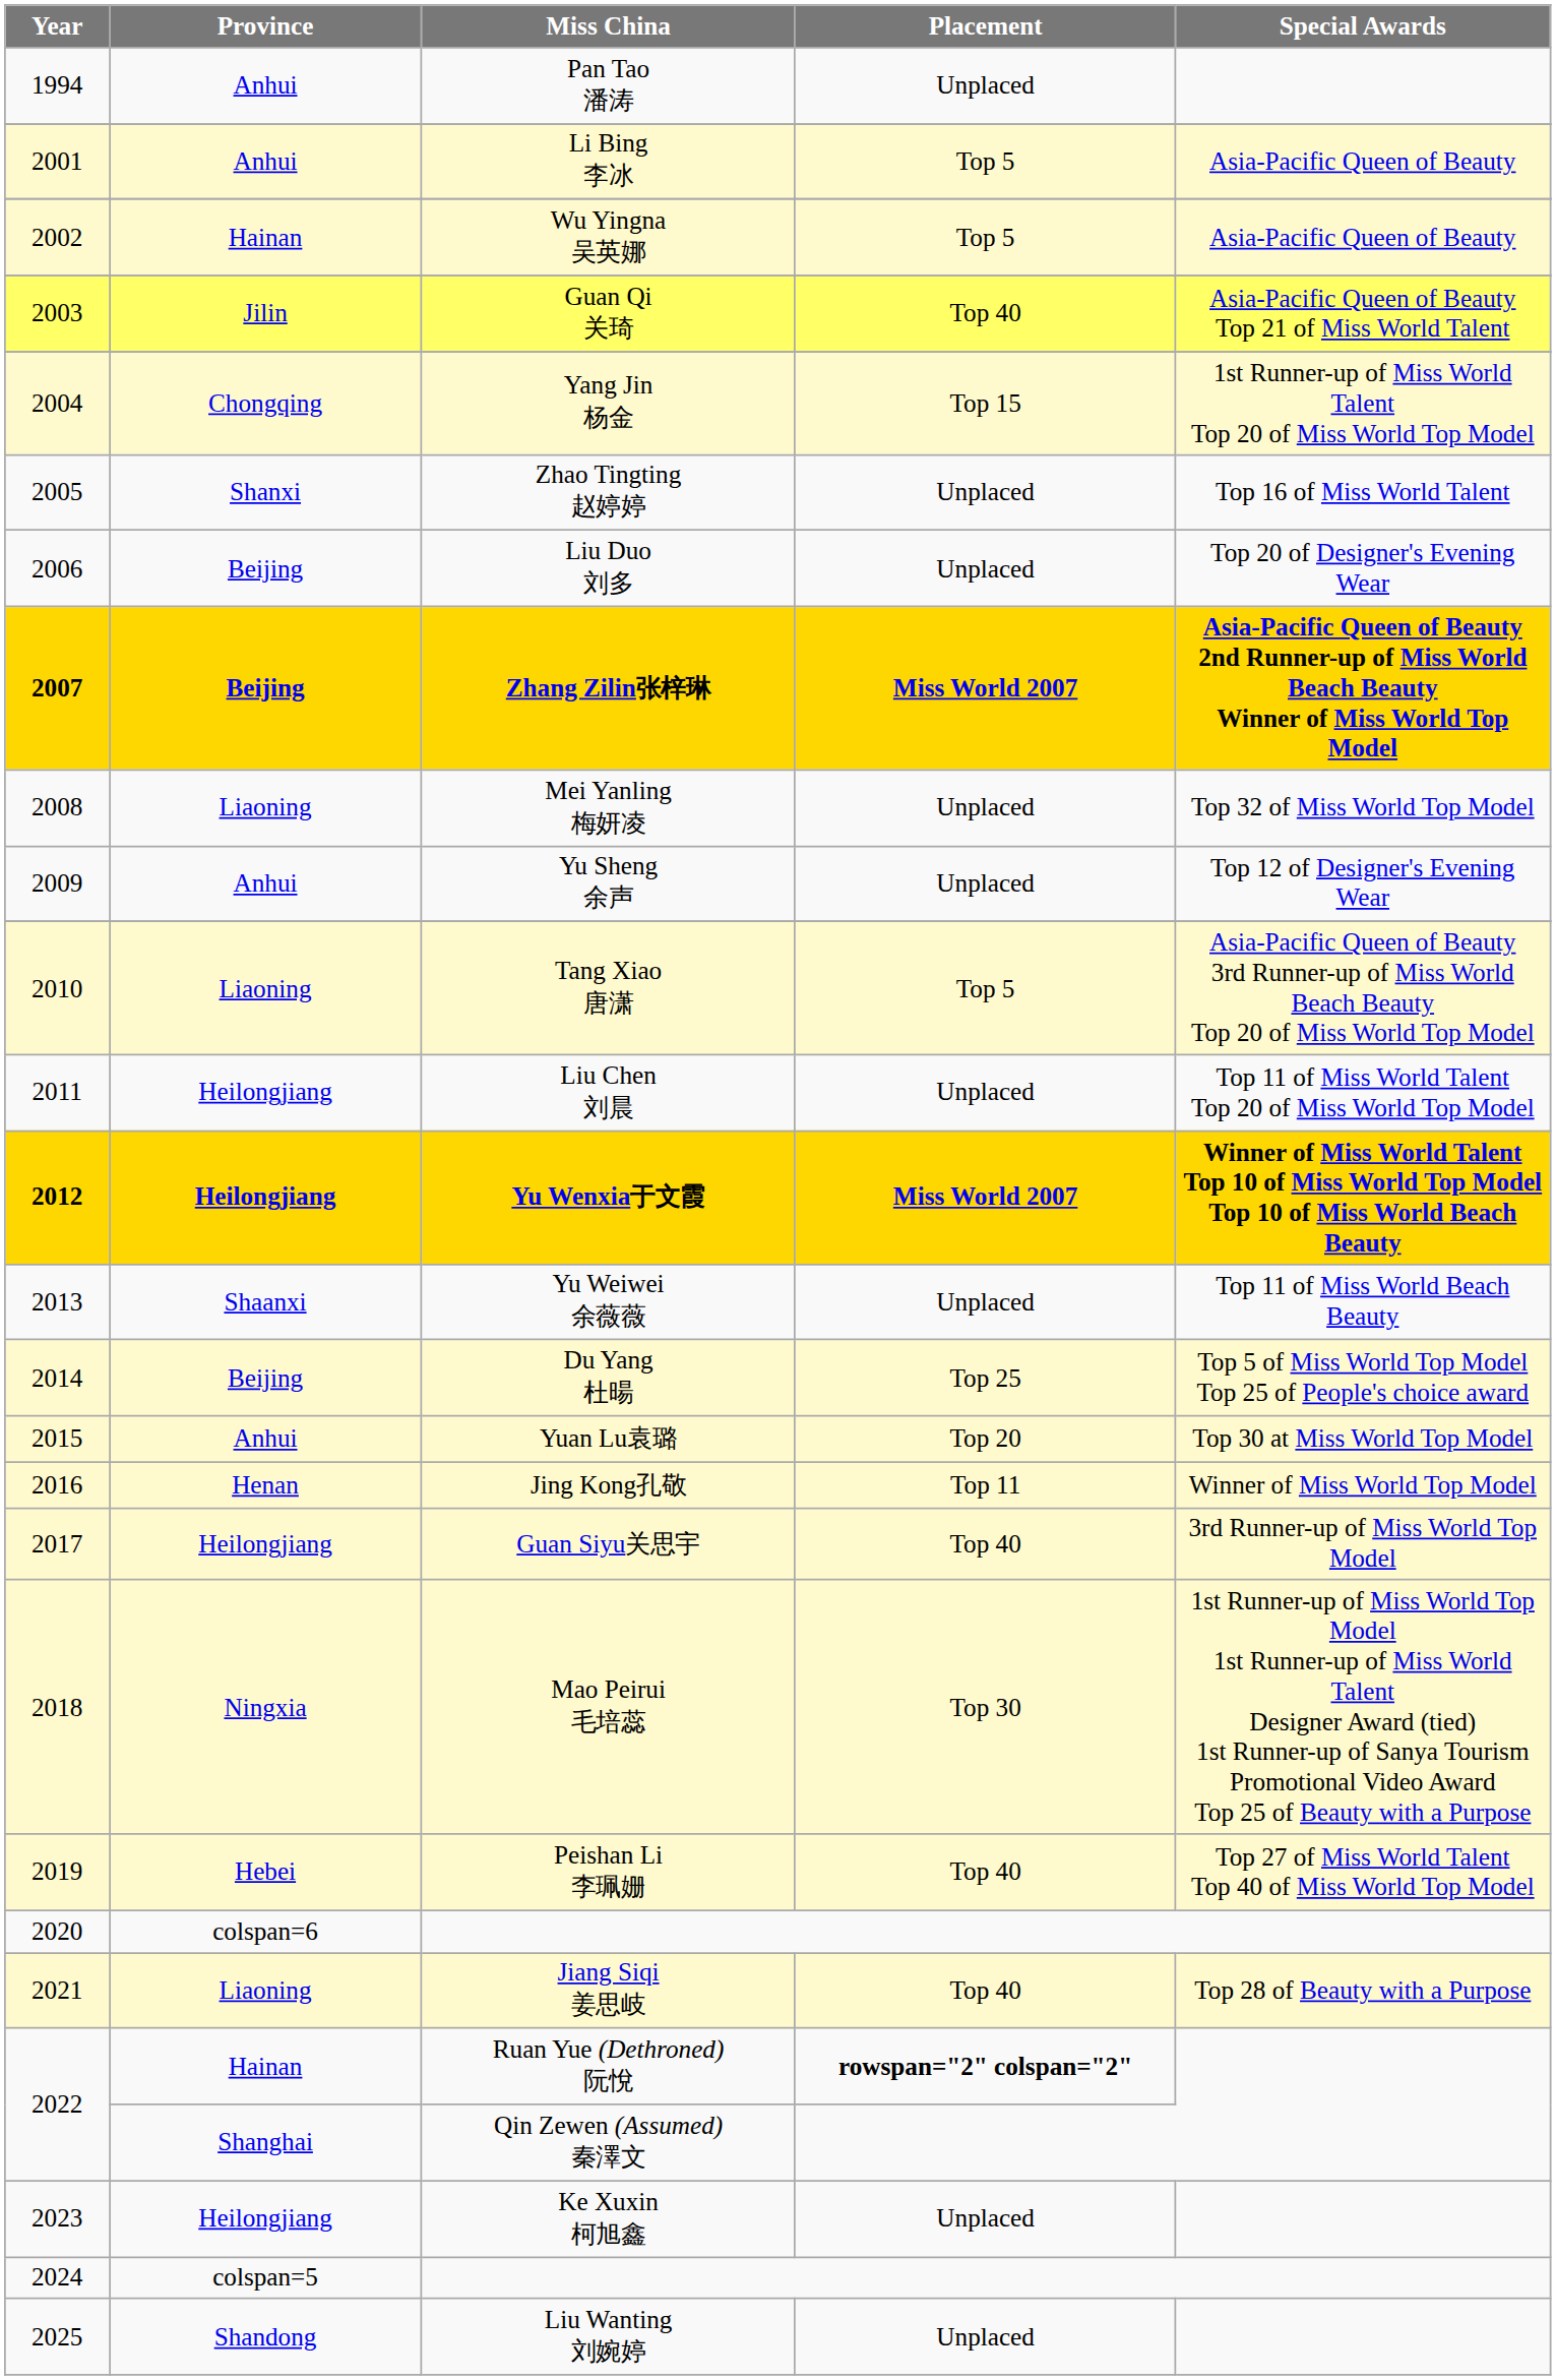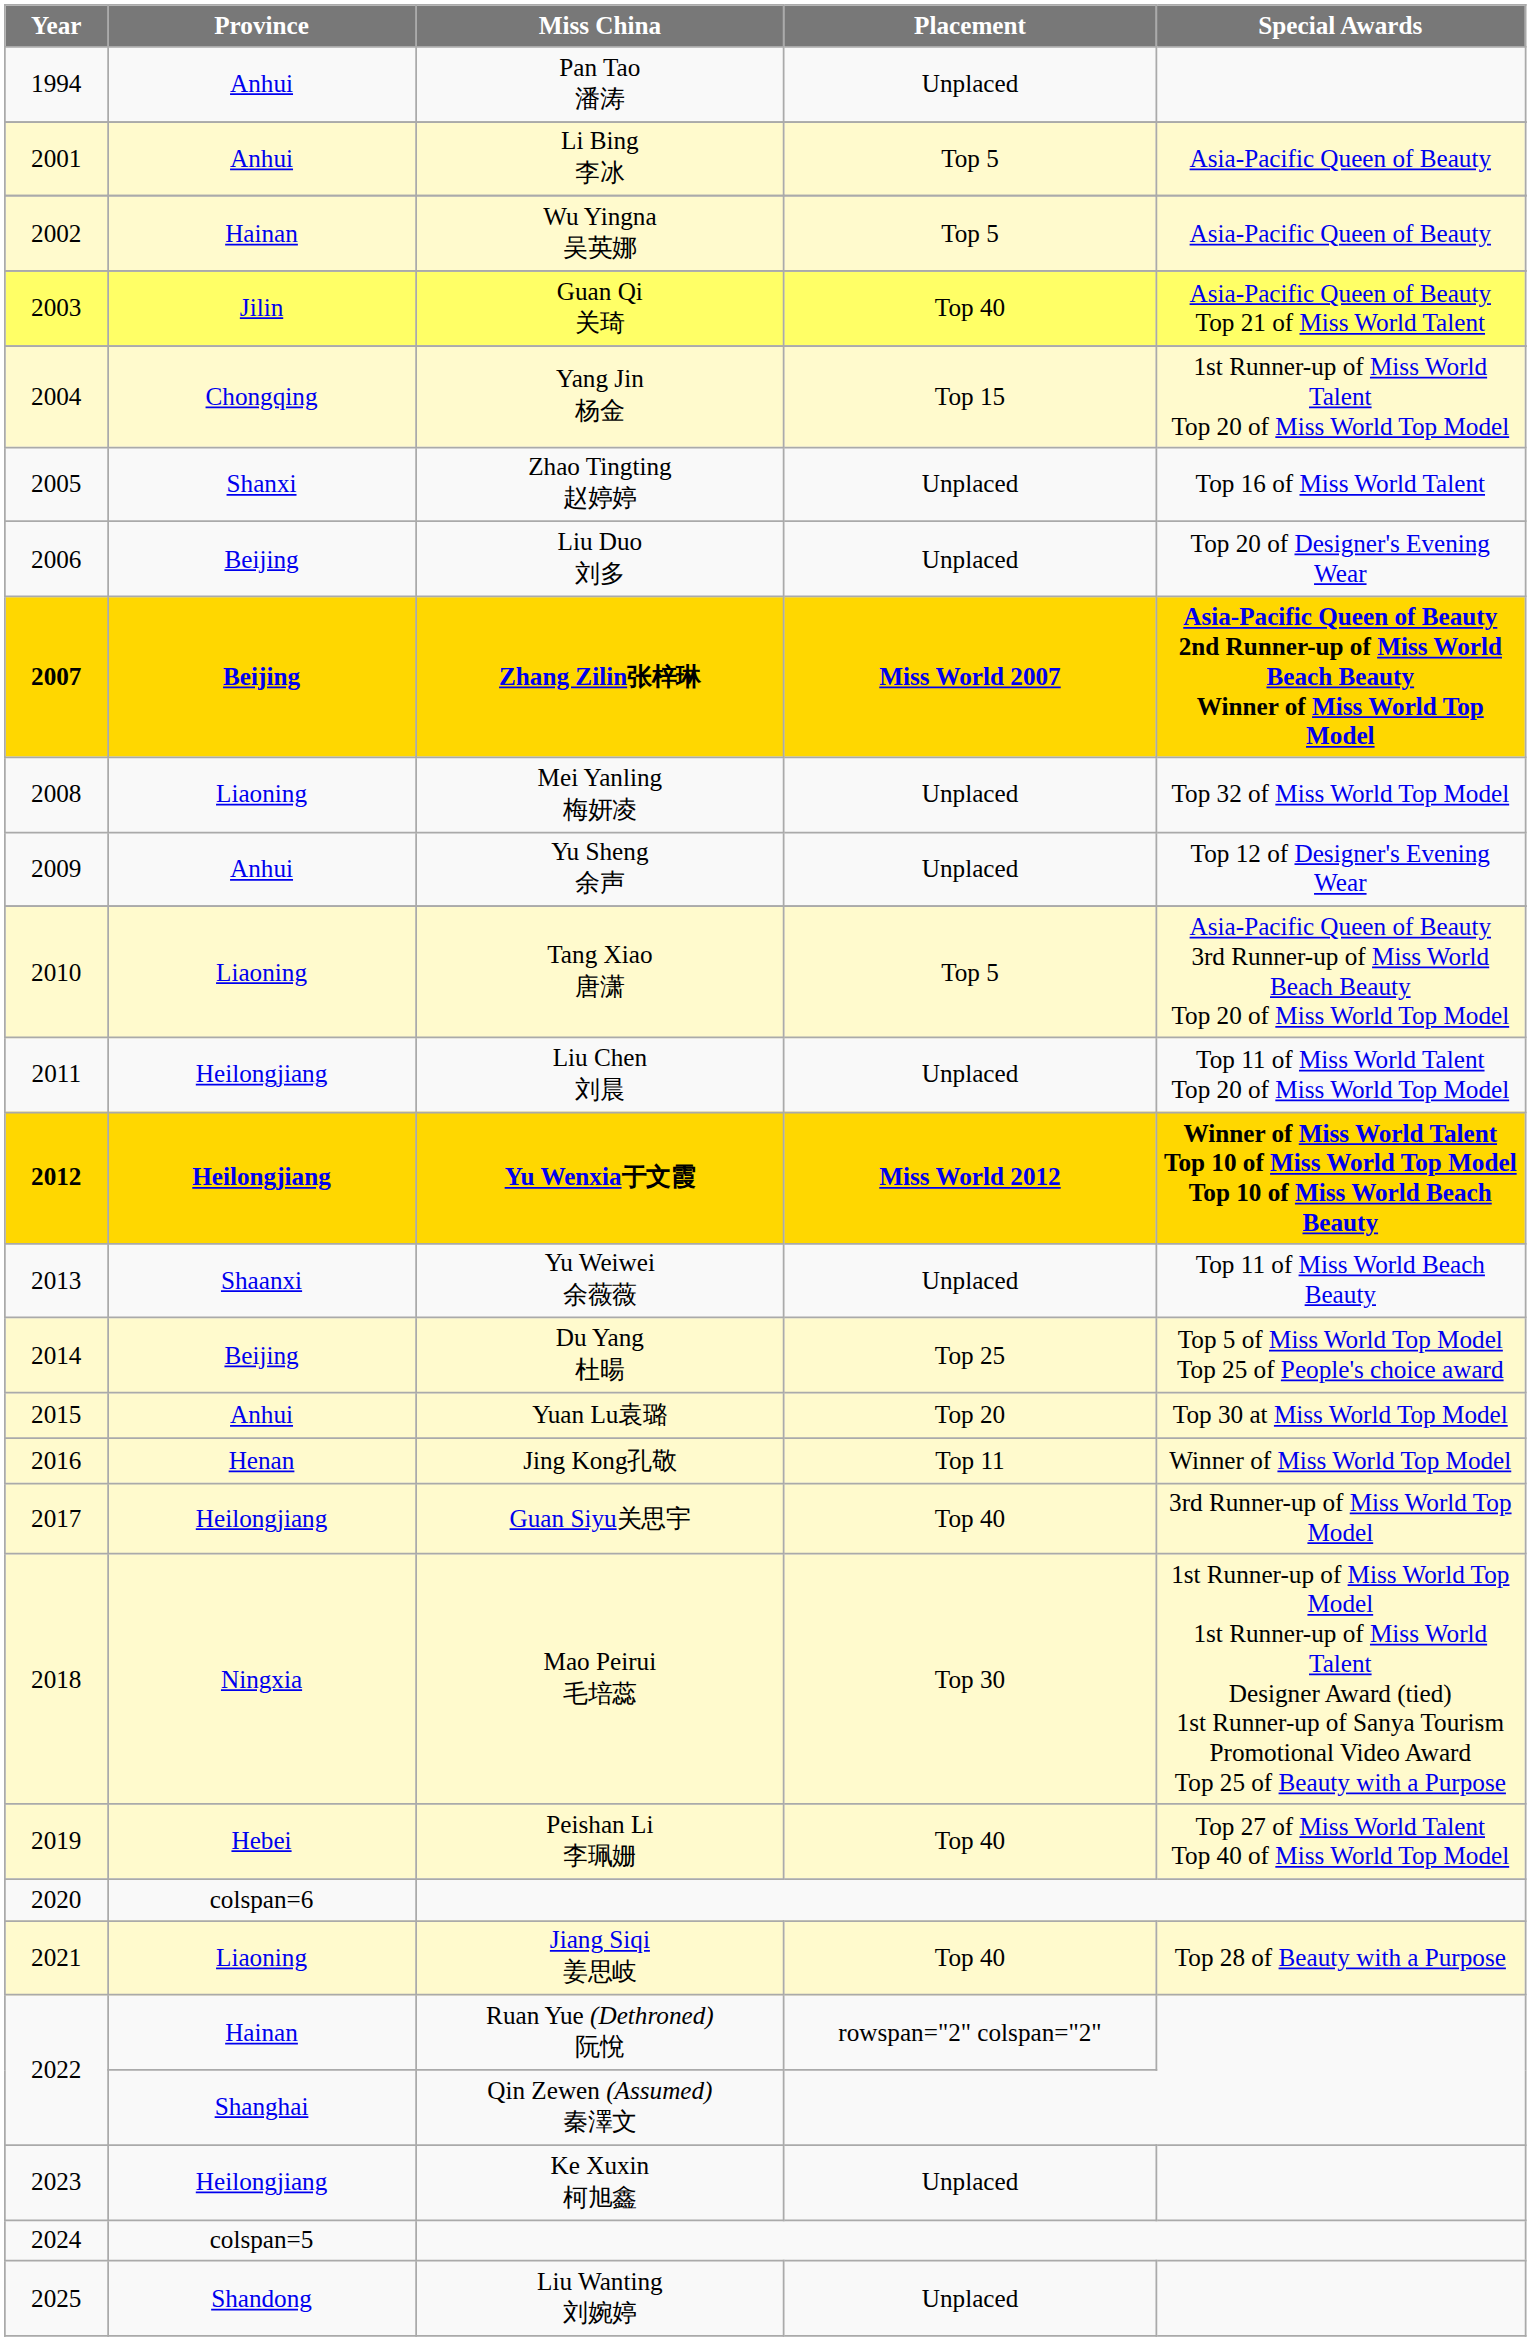 <table class="wikitable sortable" style="font-size: 90%; text-align:center">
 <tr>
 <th width="60" style="background-color:#787878;color:#FFFFFF;">Year</th>
 <th width="200" style="background-color:#787878;color:#FFFFFF;">Province</th>
 <th width="250" style="background-color:#787878;color:#FFFFFF;">Miss China</th>
 <th width="250" style="background-color:#787878;color:#FFFFFF;">Placement</th>
 <th width="250" style="background-color:#787878;color:#FFFFFF;">Special Awards</th>
 </tr>
 <tr>
 <td>1994</td>
 <td><a href='#'>Anhui</a></td>
 <td>Pan Tao<br>潘涛</td>
 <td>Unplaced</td>
 <td></td>
 </tr>
 <tr>
 </tr>
 <tr style="background-color:#FFFACD;">
 <td>2001</td>
 <td><a href='#'>Anhui</a></td>
 <td>Li Bing<br>李冰</td>
 <td>Top 5</td>
 <td><a href='#'>Asia-Pacific Queen of Beauty</a></td>
 </tr>
 <tr>
 </tr>
 <tr style="background-color:#FFFACD;">
 <td>2002</td>
 <td><a href='#'>Hainan</a></td>
 <td>Wu Yingna<br>吴英娜</td>
 <td>Top 5</td>
 <td><a href='#'>Asia-Pacific Queen of Beauty</a></td>
 </tr>
 <tr>
 </tr>
 <tr style="background-color:#FFFf66;">
 <td>2003</td>
 <td><a href='#'>Jilin</a></td>
 <td>Guan Qi<br>关琦</td>
 <td>Top 40</td>
 <td><a href='#'>Asia-Pacific Queen of Beauty</a><br> Top 21 of <a href='#'>Miss World Talent</a></td>
 </tr>
 <tr>
 </tr>
 <tr style="background-color:#FFFACD;">
 <td>2004</td>
 <td><a href='#'>Chongqing</a></td>
 <td>Yang Jin<br>杨金</td>
 <td>Top 15</td>
 <td>1st Runner-up of <a href='#'>Miss World Talent</a> <br> Top 20 of <a href='#'>Miss World Top Model</a></td>
 </tr>
 <tr>
 <td>2005</td>
 <td><a href='#'>Shanxi</a></td>
 <td>Zhao Tingting<br>赵婷婷</td>
 <td>Unplaced</td>
 <td>Top 16 of <a href='#'>Miss World Talent</a></td>
 </tr>
 <tr>
 <td>2006</td>
 <td><a href='#'>Beijing</a></td>
 <td>Liu Duo<br>刘多</td>
 <td>Unplaced</td>
 <td>Top 20 of <a href='#'>Designer's Evening Wear</a></td>
 </tr>
 <tr>
 <td bgcolor="gold"><strong>2007</strong></td>
 <td bgcolor="gold"><strong><a href='#'>Beijing</a> </strong></td>
 <td bgcolor="gold"><strong><a href='#'>Zhang Zilin</a>张梓琳 </strong></td>
 <td bgcolor="gold"><strong><a href='#'>Miss World 2007</a></strong></td>
 <td bgcolor="gold"><strong><a href='#'>Asia-Pacific Queen of Beauty</a><br> 2nd Runner-up of <a href='#'>Miss World Beach Beauty</a><br> Winner of <a href='#'>Miss World Top Model</a></strong></td>
 </tr>
 <tr>
 <td>2008</td>
 <td><a href='#'>Liaoning</a></td>
 <td>Mei Yanling<br>梅妍凌</td>
 <td>Unplaced</td>
 <td>Top 32 of <a href='#'>Miss World Top Model</a></td>
 </tr>
 <tr>
 <td>2009</td>
 <td><a href='#'>Anhui</a></td>
 <td>Yu Sheng<br>余声</td>
 <td>Unplaced</td>
 <td>Top 12 of <a href='#'>Designer's Evening Wear</a></td>
 </tr>
 <tr>
 </tr>
 <tr style="background-color:#FFFACD;">
 <td>2010</td>
 <td><a href='#'>Liaoning</a></td>
 <td>Tang Xiao<br>唐潇</td>
 <td>Top 5</td>
 <td><a href='#'>Asia-Pacific Queen of Beauty</a> <br> 3rd Runner-up of <a href='#'>Miss World Beach Beauty</a><br> Top 20 of <a href='#'>Miss World Top Model</a></td>
 </tr>
 <tr>
 <td>2011</td>
 <td><a href='#'>Heilongjiang</a></td>
 <td>Liu Chen<br>刘晨</td>
 <td>Unplaced</td>
 <td>Top 11 of <a href='#'>Miss World Talent</a> <br> Top 20 of <a href='#'>Miss World Top Model</a></td>
 </tr>
 <tr>
 <td bgcolor="gold"><strong>2012</strong></td>
 <td bgcolor="gold"><strong><a href='#'>Heilongjiang</a> </strong></td>
 <td bgcolor="gold"><strong><a href='#'>Yu Wenxia</a></strong><strong>于文霞</strong></td>
-<td bgcolor="gold"><strong><a href='#'>Miss World 2007</a></strong></td>
+<td bgcolor="gold"><strong><a href='#'>Miss World 2012</a></strong></td>
 <td bgcolor="gold"><strong>Winner of <a href='#'>Miss World Talent</a><br>  Top 10 of <a href='#'>Miss World Top Model</a><br>  Top 10 of <a href='#'>Miss World Beach Beauty</a></strong></td>
 </tr>
 <tr>
 <td>2013</td>
 <td><a href='#'>Shaanxi</a></td>
 <td>Yu Weiwei<br>余薇薇</td>
 <td>Unplaced</td>
 <td>Top 11 of <a href='#'>Miss World Beach Beauty</a></td>
 </tr>
 <tr style="background-color:#FFFACD;">
 <td>2014</td>
 <td><a href='#'>Beijing</a></td>
 <td>Du Yang<br>杜暘</td>
 <td>Top 25</td>
 <td>Top 5 of <a href='#'>Miss World Top Model</a> <br> Top 25 of <a href='#'>People's choice award</a></td>
 </tr>
 <tr style="background-color:#FFFACD;">
 <td>2015</td>
 <td><a href='#'>Anhui</a></td>
 <td>Yuan Lu袁璐</td>
 <td>Top 20</td>
 <td>Top 30 at <a href='#'>Miss World Top Model</a></td>
 </tr>
 <tr style="background-color:#FFFACD;">
 <td>2016</td>
 <td><a href='#'>Henan</a></td>
 <td>Jing Kong孔敬</td>
 <td>Top 11</td>
 <td>Winner of <a href='#'>Miss World Top Model</a></td>
 </tr>
 <tr style="background-color:#FFFACD;">
 <td>2017</td>
 <td><a href='#'>Heilongjiang</a></td>
 <td><a href='#'>Guan Siyu</a>关思宇</td>
 <td>Top 40</td>
 <td>3rd Runner-up of <a href='#'>Miss World Top Model</a></td>
 </tr>
 <tr style="background-color:#FFFACD;">
 <td>2018</td>
 <td><a href='#'>Ningxia</a></td>
 <td>Mao Peirui<br>毛培蕊</td>
 <td>Top 30</td>
 <td>1st Runner-up of <a href='#'>Miss World Top Model</a> <br> 1st Runner-up of <a href='#'>Miss World Talent</a> <br> Designer Award (tied) <br> 1st Runner-up of Sanya Tourism Promotional Video Award<br>Top 25 of <a href='#'>Beauty with a Purpose</a></td>
 </tr>
 <tr style="background-color:#FFFACD;">
 <td>2019</td>
 <td><a href='#'>Hebei</a></td>
 <td>Peishan Li<br>李珮姗</td>
 <td>Top 40</td>
 <td>Top 27 of <a href='#'>Miss World Talent</a><br>Top 40 of <a href='#'>Miss World Top Model</a></td>
 </tr>
 <tr>
 <td>2020</td>
 <td>colspan=6 </td>
 </tr>
 <tr style="background-color:#FFFACD;">
 <td>2021</td>
 <td><a href='#'>Liaoning</a></td>
 <td><a href='#'>Jiang Siqi</a><br>姜思岐</td>
 <td>Top 40</td>
 <td>Top 28 of <a href='#'>Beauty with a Purpose</a></td>
 </tr>
 <tr>
 <td rowspan="2">2022</td>
 <td><a href='#'>Hainan</a></td>
 <td>Ruan Yue <em>(Dethroned)</em><br>阮悅</td>
-<td><strong>rowspan="2" colspan="2" </strong></td>
+<td>rowspan="2" colspan="2" </td>
 </tr>
 <tr>
 <td><a href='#'>Shanghai</a></td>
 <td>Qin Zewen <em>(Assumed)</em><br>秦澤文</td>
 </tr>
 <tr>
 <td>2023</td>
 <td><a href='#'>Heilongjiang</a></td>
 <td>Ke Xuxin<br>柯旭鑫</td>
 <td>Unplaced</td>
 <td></td>
 </tr>
 <tr>
 <td>2024</td>
 <td>colspan=5 </td>
 </tr>
 <tr>
 <td>2025</td>
 <td><a href='#'>Shandong</a></td>
 <td>Liu Wanting<br>刘婉婷</td>
 <td>Unplaced</td>
 <td></td>
 </tr>
 </table>
